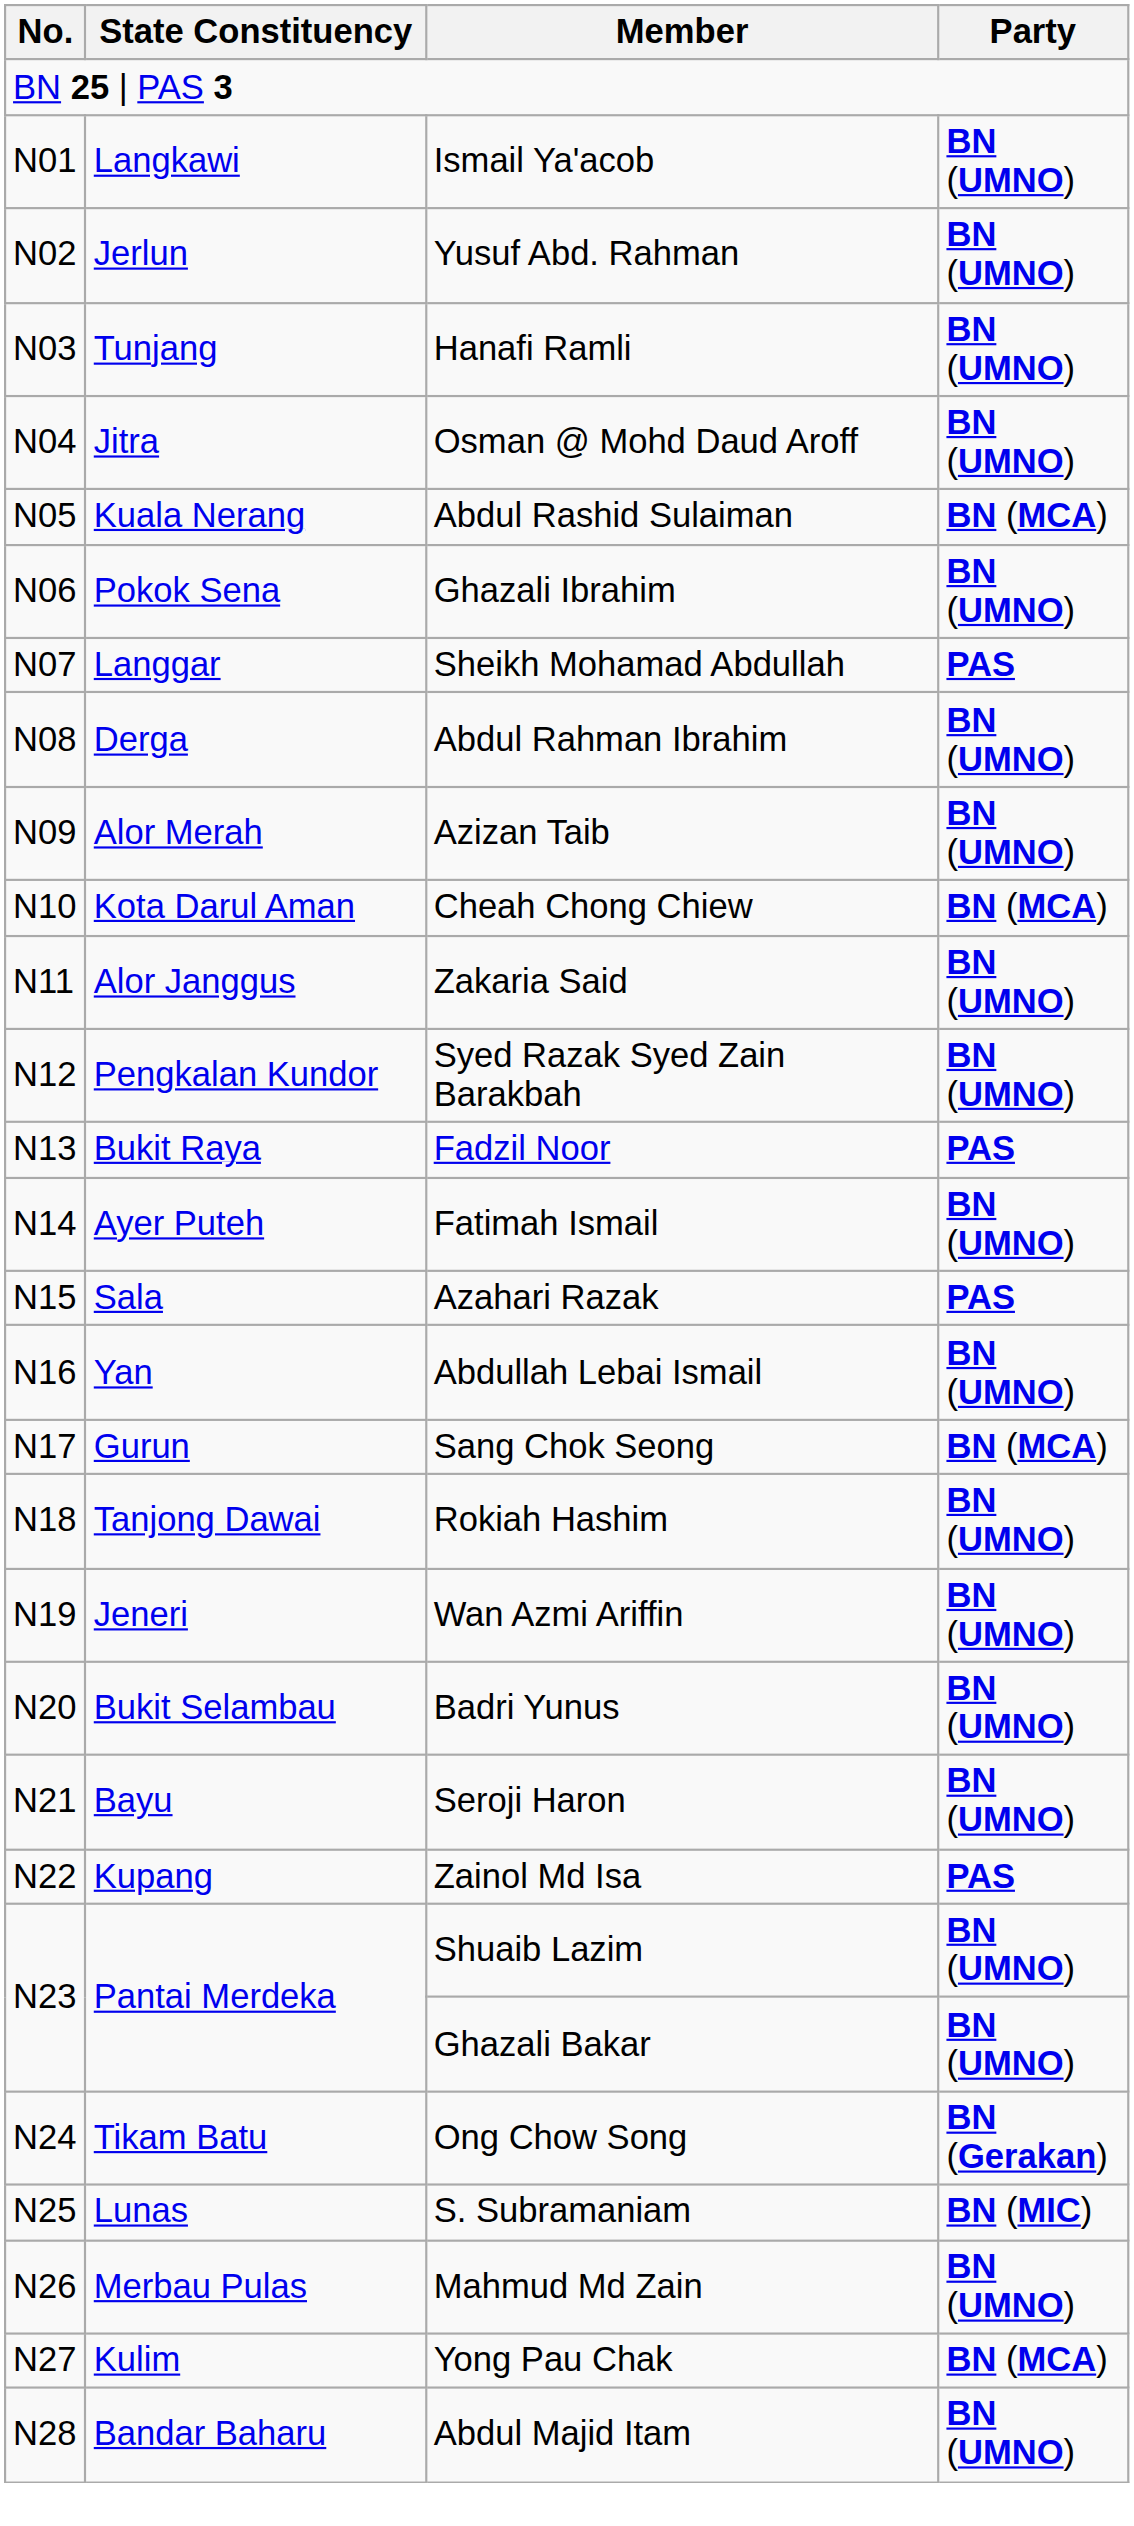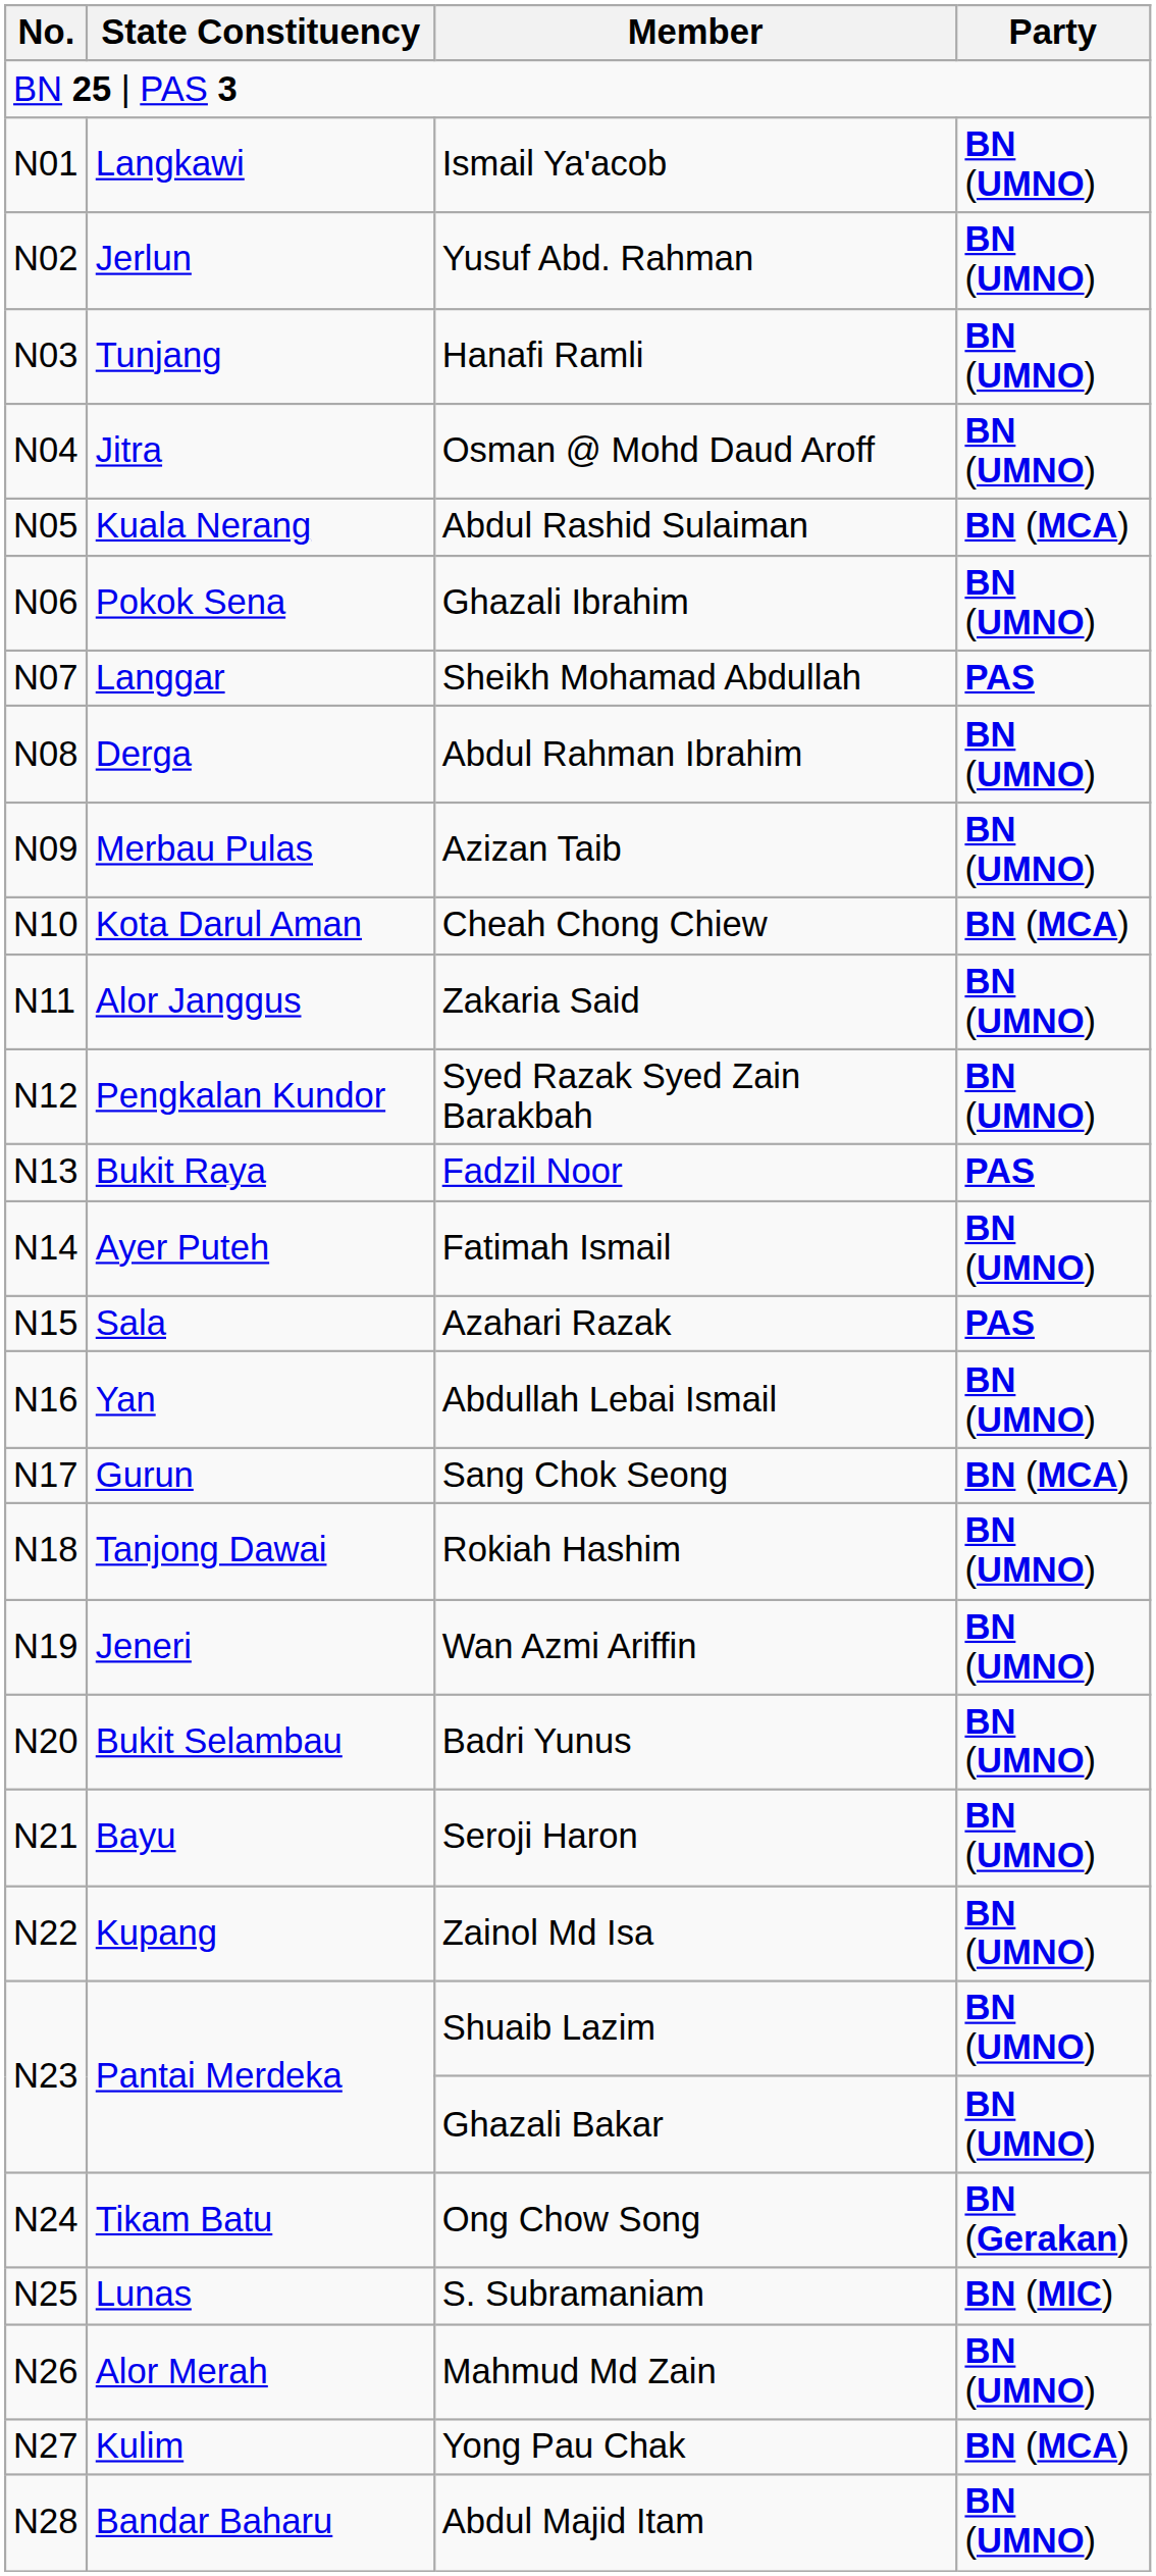 <table class="wikitable sortable">
 <tr>
 <th style="width:30px;">No.</th>
 <th style="width:150px;">State Constituency</th>
 <th style="width:230px;">Member</th>
 <th style="width:80px;">Party</th>
 </tr>
 <tr>
 <td colspan="4"><a href='#'>BN</a> <strong>25</strong> | <a href='#'>PAS</a> <strong>3</strong></td>
 </tr>
 <tr>
 <td>N01</td>
 <td><a href='#'>Langkawi</a></td>
 <td>Ismail Ya'acob</td>
 <td><strong><a href='#'>BN</a></strong> (<strong><a href='#'>UMNO</a></strong>)</td>
 </tr>
 <tr>
 <td>N02</td>
 <td><a href='#'>Jerlun</a></td>
 <td>Yusuf Abd. Rahman</td>
 <td><strong><a href='#'>BN</a></strong> (<strong><a href='#'>UMNO</a></strong>)</td>
 </tr>
 <tr>
 <td>N03</td>
 <td><a href='#'>Tunjang</a></td>
 <td>Hanafi Ramli</td>
 <td><strong><a href='#'>BN</a></strong> (<strong><a href='#'>UMNO</a></strong>)</td>
 </tr>
 <tr>
 <td>N04</td>
 <td><a href='#'>Jitra</a></td>
 <td>Osman @ Mohd Daud Aroff</td>
 <td><strong><a href='#'>BN</a></strong> (<strong><a href='#'>UMNO</a></strong>)</td>
 </tr>
 <tr>
 <td>N05</td>
 <td><a href='#'>Kuala Nerang</a></td>
 <td>Abdul Rashid Sulaiman</td>
 <td><strong><a href='#'>BN</a></strong> (<strong><a href='#'>MCA</a></strong>)</td>
 </tr>
 <tr>
 <td>N06</td>
 <td><a href='#'>Pokok Sena</a></td>
 <td>Ghazali Ibrahim</td>
 <td><strong><a href='#'>BN</a></strong> (<strong><a href='#'>UMNO</a></strong>)</td>
 </tr>
 <tr>
 <td>N07</td>
 <td><a href='#'>Langgar</a></td>
 <td>Sheikh Mohamad Abdullah</td>
 <td><strong><a href='#'>PAS</a></strong></td>
 </tr>
 <tr>
 <td>N08</td>
 <td><a href='#'>Derga</a></td>
 <td>Abdul Rahman Ibrahim</td>
 <td><strong><a href='#'>BN</a></strong> (<strong><a href='#'>UMNO</a></strong>)</td>
 </tr>
 <tr>
 <td>N09</td>
-<td><a href='#'>Alor Merah</a></td>
+<td><a href='#'>Merbau Pulas</a></td>
 <td>Azizan Taib</td>
 <td><strong><a href='#'>BN</a></strong> (<strong><a href='#'>UMNO</a></strong>)</td>
 </tr>
 <tr>
 <td>N10</td>
 <td><a href='#'>Kota Darul Aman</a></td>
 <td>Cheah Chong Chiew</td>
 <td><strong><a href='#'>BN</a></strong> (<strong><a href='#'>MCA</a></strong>)</td>
 </tr>
 <tr>
 <td>N11</td>
 <td><a href='#'>Alor Janggus</a></td>
 <td>Zakaria Said</td>
 <td><strong><a href='#'>BN</a></strong> (<strong><a href='#'>UMNO</a></strong>)</td>
 </tr>
 <tr>
 <td>N12</td>
 <td><a href='#'>Pengkalan Kundor</a></td>
 <td>Syed Razak Syed Zain Barakbah</td>
 <td><strong><a href='#'>BN</a></strong> (<strong><a href='#'>UMNO</a></strong>)</td>
 </tr>
 <tr>
 <td>N13</td>
 <td><a href='#'>Bukit Raya</a></td>
 <td><a href='#'>Fadzil Noor</a></td>
 <td><strong><a href='#'>PAS</a></strong></td>
 </tr>
 <tr>
 <td>N14</td>
 <td><a href='#'>Ayer Puteh</a></td>
 <td>Fatimah Ismail</td>
 <td><strong><a href='#'>BN</a></strong> (<strong><a href='#'>UMNO</a></strong>)</td>
 </tr>
 <tr>
 <td>N15</td>
 <td><a href='#'>Sala</a></td>
 <td>Azahari Razak</td>
 <td><strong><a href='#'>PAS</a></strong></td>
 </tr>
 <tr>
 <td>N16</td>
 <td><a href='#'>Yan</a></td>
 <td>Abdullah Lebai Ismail</td>
 <td><strong><a href='#'>BN</a></strong> (<strong><a href='#'>UMNO</a></strong>)</td>
 </tr>
 <tr>
 <td>N17</td>
 <td><a href='#'>Gurun</a></td>
 <td>Sang Chok Seong</td>
 <td><strong><a href='#'>BN</a></strong> (<strong><a href='#'>MCA</a></strong>)</td>
 </tr>
 <tr>
 <td>N18</td>
 <td><a href='#'>Tanjong Dawai</a></td>
 <td>Rokiah Hashim</td>
 <td><strong><a href='#'>BN</a></strong> (<strong><a href='#'>UMNO</a></strong>)</td>
 </tr>
 <tr>
 <td>N19</td>
 <td><a href='#'>Jeneri</a></td>
 <td>Wan Azmi Ariffin</td>
 <td><strong><a href='#'>BN</a></strong> (<strong><a href='#'>UMNO</a></strong>)</td>
 </tr>
 <tr>
 <td>N20</td>
 <td><a href='#'>Bukit Selambau</a></td>
 <td>Badri Yunus</td>
 <td><strong><a href='#'>BN</a></strong> (<strong><a href='#'>UMNO</a></strong>)</td>
 </tr>
 <tr>
 <td>N21</td>
 <td><a href='#'>Bayu</a></td>
 <td>Seroji Haron</td>
 <td><strong><a href='#'>BN</a></strong> (<strong><a href='#'>UMNO</a></strong>)</td>
 </tr>
 <tr>
 <td>N22</td>
 <td><a href='#'>Kupang</a></td>
 <td>Zainol Md Isa</td>
-<td><strong><a href='#'>PAS</a></strong></td>
+<td><strong><a href='#'>BN</a></strong> (<strong><a href='#'>UMNO</a></strong>)</td>
 </tr>
 <tr>
 <td rowspan=2>N23</td>
 <td rowspan=2><a href='#'>Pantai Merdeka</a></td>
 <td>Shuaib Lazim </td>
 <td><strong><a href='#'>BN</a></strong> (<strong><a href='#'>UMNO</a></strong>)</td>
 </tr>
 <tr>
 <td>Ghazali Bakar </td>
 <td><strong><a href='#'>BN</a></strong> (<strong><a href='#'>UMNO</a></strong>)</td>
 </tr>
 <tr>
 <td>N24</td>
 <td><a href='#'>Tikam Batu</a></td>
 <td>Ong Chow Song</td>
 <td><strong><a href='#'>BN</a></strong> (<strong><a href='#'>Gerakan</a></strong>)</td>
 </tr>
 <tr>
 <td>N25</td>
 <td><a href='#'>Lunas</a></td>
 <td>S. Subramaniam</td>
 <td><strong><a href='#'>BN</a></strong> (<strong><a href='#'>MIC</a></strong>)</td>
 </tr>
 <tr>
 <td>N26</td>
-<td><a href='#'>Merbau Pulas</a></td>
+<td><a href='#'>Alor Merah</a></td>
 <td>Mahmud Md Zain</td>
 <td><strong><a href='#'>BN</a></strong> (<strong><a href='#'>UMNO</a></strong>)</td>
 </tr>
 <tr>
 <td>N27</td>
 <td><a href='#'>Kulim</a></td>
 <td>Yong Pau Chak</td>
 <td><strong><a href='#'>BN</a></strong> (<strong><a href='#'>MCA</a></strong>)</td>
 </tr>
 <tr>
 <td>N28</td>
 <td><a href='#'>Bandar Baharu</a></td>
 <td>Abdul Majid Itam</td>
 <td><strong><a href='#'>BN</a></strong> (<strong><a href='#'>UMNO</a></strong>)</td>
 </tr>
 </table>
